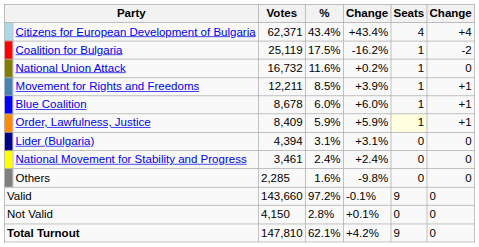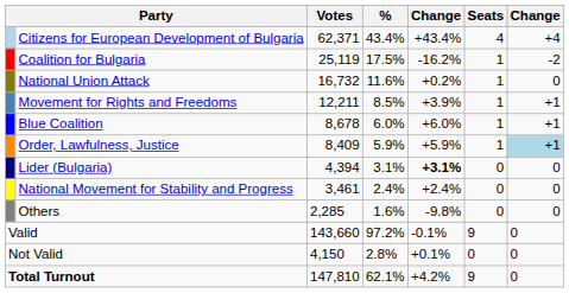 <table class="wikitable" border="1">
 <tr style="background-color:#C9C9C9">
 <th align=left colspan=2 valign=top>Party</th>
 <th align-right>Votes</th>
 <th align=right>%</th>
 <th align=right>Change</th>
 <th align=right>Seats</th>
 <th align=right>Change</th>
 </tr>
 <tr>
 <td bgcolor="lightblue"> </td>
 <td align=left><a href='#'>Citizens for European Development of Bulgaria</a></td>
 <td align=right>62,371</td>
 <td align=right>43.4%</td>
 <td align=right>+43.4%</td>
 <td align=right>4</td>
 <td align=right>+4</td>
 </tr>
 <tr>
 <td bgcolor="red"> </td>
 <td align=left><a href='#'>Coalition for Bulgaria</a></td>
 <td align=right>25,119</td>
 <td align=right>17.5%</td>
 <td align=right>-16.2%</td>
 <td align=right>1</td>
 <td align=right>-2</td>
 </tr>
 <tr>
 <td bgcolor="#808000"> </td>
 <td align="left"><a href='#'>National Union Attack</a></td>
 <td align="right">16,732</td>
 <td align="right">11.6%</td>
 <td align="right">+0.2%</td>
 <td align="right">1</td>
 <td align="right">0</td>
 </tr>
 <tr>
 <td bgcolor="#4682B4"> </td>
 <td align="left"><a href='#'>Movement for Rights and Freedoms</a></td>
 <td align="right">12,211</td>
 <td align="right">8.5%</td>
 <td align="right">+3.9%</td>
 <td align="right">1</td>
 <td align="right">+1</td>
 </tr>
 <tr>
 <td bgcolor="blue"> </td>
 <td align="left"><a href='#'>Blue Coalition</a></td>
 <td align="right">8,678</td>
 <td align="right">6.0%</td>
 <td align="right">+6.0%</td>
 <td align="right">1</td>
 <td align="right">+1</td>
 </tr>
 <tr>
 <td bgcolor="darkorange"> </td>
 <td align="left"><a href='#'>Order, Lawfulness, Justice</a></td>
 <td align="right">8,409</td>
 <td align="right">5.9%</td>
 <td align="right">+5.9%</td>
-<td align="right" style="background: lightyellow;">1</td>
-<td align="right">+1</td>
+<td align="right">1</td>
+<td align="right" style="background: lightblue;">+1</td>
 </tr>
 <tr>
 <td bgcolor="darkblue"> </td>
 <td align=left><a href='#'>Lider (Bulgaria)</a></td>
 <td align=right>4,394</td>
 <td align=right>3.1%</td>
-<td align=right>+3.1%</td>
+<td align=right><strong>+3.1%</strong></td>
 <td align=right>0</td>
 <td align=right>0</td>
 </tr>
 <tr>
 <td bgcolor="yellow"> </td>
 <td align="left"><a href='#'>National Movement for Stability and Progress</a></td>
 <td align="right">3,461</td>
 <td align="right">2.4%</td>
 <td align="right">+2.4%</td>
 <td align="right">0</td>
 <td align="right">0</td>
 </tr>
 <tr>
 <td bgcolor="grey"> </td>
 <td align="left">Others</td>
 <td>2,285</td>
 <td align="right">1.6%</td>
 <td align=right>-9.8%</td>
 <td align=right>0</td>
 <td align=right>0</td>
 </tr>
 <tr>
 <td colspan="2">Valid</td>
 <td>143,660</td>
 <td>97.2%</td>
 <td>-0.1%</td>
 <td>9</td>
 <td>0</td>
 </tr>
 <tr>
 <td colspan="2">Not Valid</td>
 <td>4,150</td>
 <td>2.8%</td>
 <td>+0.1%</td>
 <td>0</td>
 <td>0</td>
 </tr>
 <tr>
 <td colspan="2"><strong>Total Turnout</strong></td>
 <td>147,810</td>
 <td>62.1%</td>
 <td>+4.2%</td>
 <td>9</td>
 <td>0</td>
 </tr>
 </table>
